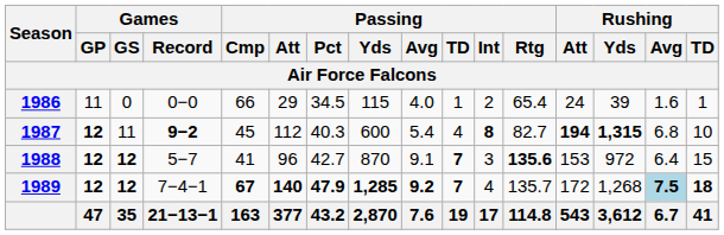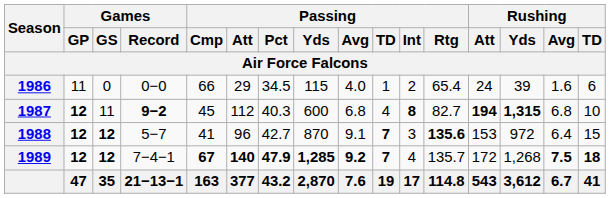 <table class="wikitable" style="text-align:center;">
 <tr>
 <th rowspan="2">Season</th>
 <th colspan="3">Games</th>
 <th colspan="8">Passing</th>
 <th colspan="5">Rushing</th>
 </tr>
 <tr>
 <th>GP</th>
 <th>GS</th>
 <th>Record</th>
 <th>Cmp</th>
 <th>Att</th>
 <th>Pct</th>
 <th>Yds</th>
 <th>Avg</th>
 <th>TD</th>
 <th>Int</th>
 <th>Rtg</th>
 <th>Att</th>
 <th>Yds</th>
 <th>Avg</th>
 <th>TD</th>
 </tr>
 <tr>
 <th colspan="16">Air Force Falcons</th>
 </tr>
 <tr>
 <th><a href='#'>1986</a></th>
 <td>11</td>
 <td>0</td>
 <td>0−0</td>
 <td>66</td>
 <td>29</td>
 <td>34.5</td>
 <td>115</td>
 <td>4.0</td>
 <td>1</td>
 <td>2</td>
 <td>65.4</td>
 <td>24</td>
 <td>39</td>
 <td>1.6</td>
-<td>1</td>
+<td>6</td>
 </tr>
 <tr>
 <th><a href='#'>1987</a></th>
 <td><strong>12</strong></td>
 <td>11</td>
 <td><strong>9−2</strong></td>
 <td>45</td>
 <td>112</td>
 <td>40.3</td>
 <td>600</td>
-<td>5.4</td>
+<td>6.8</td>
 <td>4</td>
 <td><strong>8</strong></td>
 <td>82.7</td>
 <td><strong>194</strong></td>
 <td><strong>1,315</strong></td>
 <td>6.8</td>
 <td>10</td>
 </tr>
 <tr>
 <th><a href='#'>1988</a></th>
 <td><strong>12</strong></td>
 <td><strong>12</strong></td>
 <td>5−7</td>
 <td>41</td>
 <td>96</td>
 <td>42.7</td>
 <td>870</td>
 <td>9.1</td>
 <td><strong>7</strong></td>
 <td>3</td>
 <td><strong>135.6</strong></td>
 <td>153</td>
 <td>972</td>
 <td>6.4</td>
 <td>15</td>
 </tr>
 <tr>
 <th><a href='#'>1989</a></th>
 <td><strong>12</strong></td>
 <td><strong>12</strong></td>
 <td>7−4−1</td>
 <td><strong>67</strong></td>
 <td><strong>140</strong></td>
 <td><strong>47.9</strong></td>
 <td><strong>1,285</strong></td>
 <td><strong>9.2</strong></td>
 <td><strong>7</strong></td>
 <td>4</td>
 <td>135.7</td>
 <td>172</td>
 <td>1,268</td>
-<td style="background: lightblue;"><strong>7.5</strong></td>
+<td><strong>7.5</strong></td>
 <td><strong>18</strong></td>
 </tr>
 <tr>
 <th></th>
 <th>47</th>
 <th>35</th>
 <th>21−13−1</th>
 <th>163</th>
 <th>377</th>
 <th>43.2</th>
 <th>2,870</th>
 <th>7.6</th>
 <th>19</th>
 <th>17</th>
 <th>114.8</th>
 <th>543</th>
 <th>3,612</th>
 <th>6.7</th>
 <th>41</th>
 </tr>
 </table>
